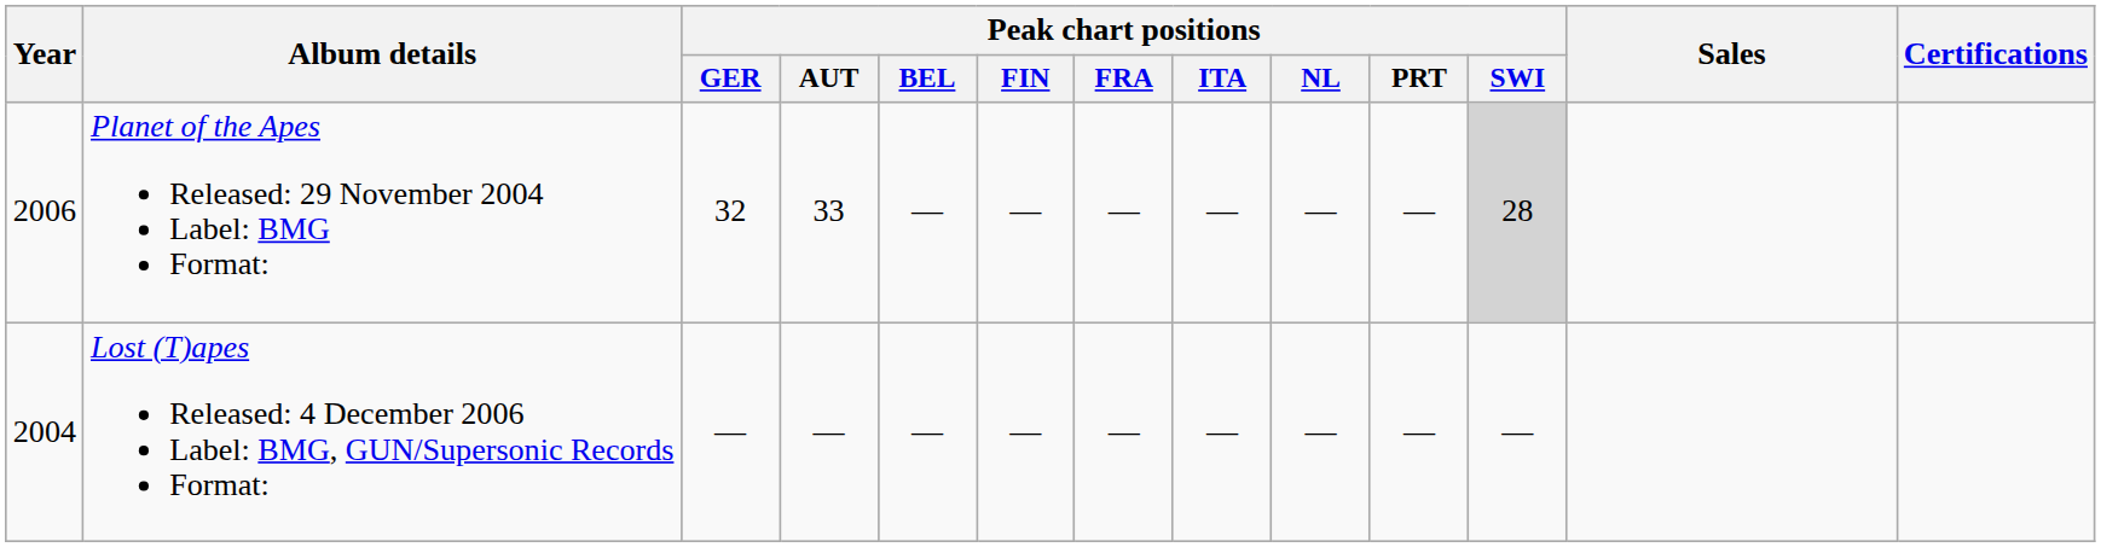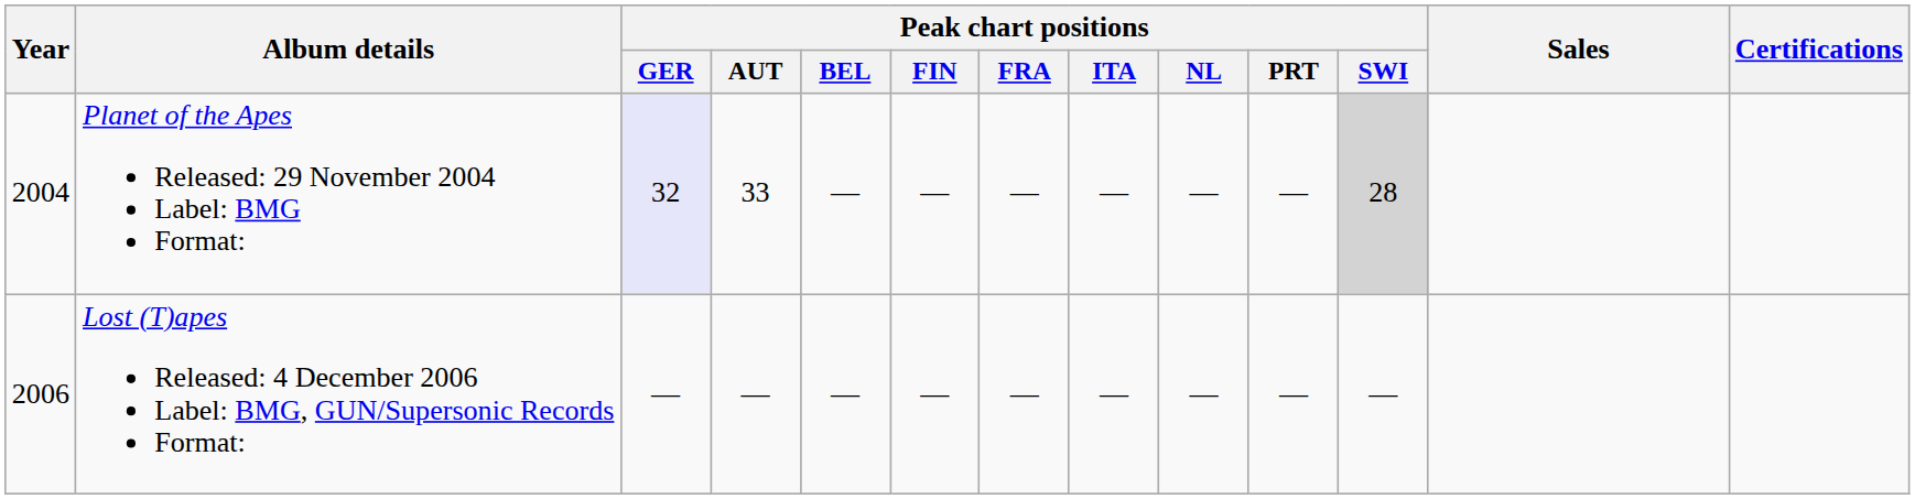 <table class="wikitable">
 <tr>
 <th rowspan="2">Year</th>
 <th rowspan="2">Album details</th>
 <th colspan="9">Peak chart positions</th>
 <th rowspan="2" style="width:10em;">Sales</th>
 <th rowspan="2"><a href='#'>Certifications</a></th>
 </tr>
 <tr>
 <th style="width:3em;font-size:90%;"><a href='#'>GER</a></th>
 <th style="width:3em;font-size:90%;">AUT</th>
 <th style="width:3em;font-size:90%;"><a href='#'>BEL</a></th>
 <th style="width:3em;font-size:90%;"><a href='#'>FIN</a></th>
 <th style="width:3em;font-size:90%;"><a href='#'>FRA</a></th>
 <th style="width:3em;font-size:90%;"><a href='#'>ITA</a></th>
 <th style="width:3em;font-size:90%;"><a href='#'>NL</a></th>
 <th style="width:3em;font-size:90%;">PRT</th>
 <th style="width:3em;font-size:90%;"><a href='#'>SWI</a></th>
 </tr>
 <tr>
-<td>2006</td>
+<td>2004</td>
 <td><em><a href='#'>Planet of the Apes</a></em><br><ul><li>Released: 29 November 2004</li><li>Label: <a href='#'>BMG</a></li><li>Format:</li></ul></td>
-<td style="text-align:center;">32</td>
+<td style="background: lavender; text-align:center;">32</td>
 <td style="text-align:center;">33</td>
 <td style="text-align:center;">—</td>
 <td style="text-align:center;">—</td>
 <td style="text-align:center;">—</td>
 <td style="text-align:center;">—</td>
 <td style="text-align:center;">—</td>
 <td style="text-align:center;">—</td>
 <td style="background: lightgrey; text-align:center;">28</td>
 <td style="text-align:center;"></td>
 <td style="text-align:center;"></td>
 </tr>
 <tr>
-<td>2004</td>
+<td>2006</td>
 <td><em><a href='#'>Lost (T)apes</a></em><br><ul><li>Released: 4 December 2006</li><li>Label: <a href='#'>BMG</a>, <a href='#'>GUN/Supersonic Records</a></li><li>Format:</li></ul></td>
 <td style="text-align:center;">—</td>
 <td style="text-align:center;">—</td>
 <td style="text-align:center;">—</td>
 <td style="text-align:center;">—</td>
 <td style="text-align:center;">—</td>
 <td style="text-align:center;">—</td>
 <td style="text-align:center;">—</td>
 <td style="text-align:center;">—</td>
 <td style="text-align:center;">—</td>
 <td style="text-align:center;"></td>
 <td style="text-align:center;"></td>
 </tr>
 </table>
